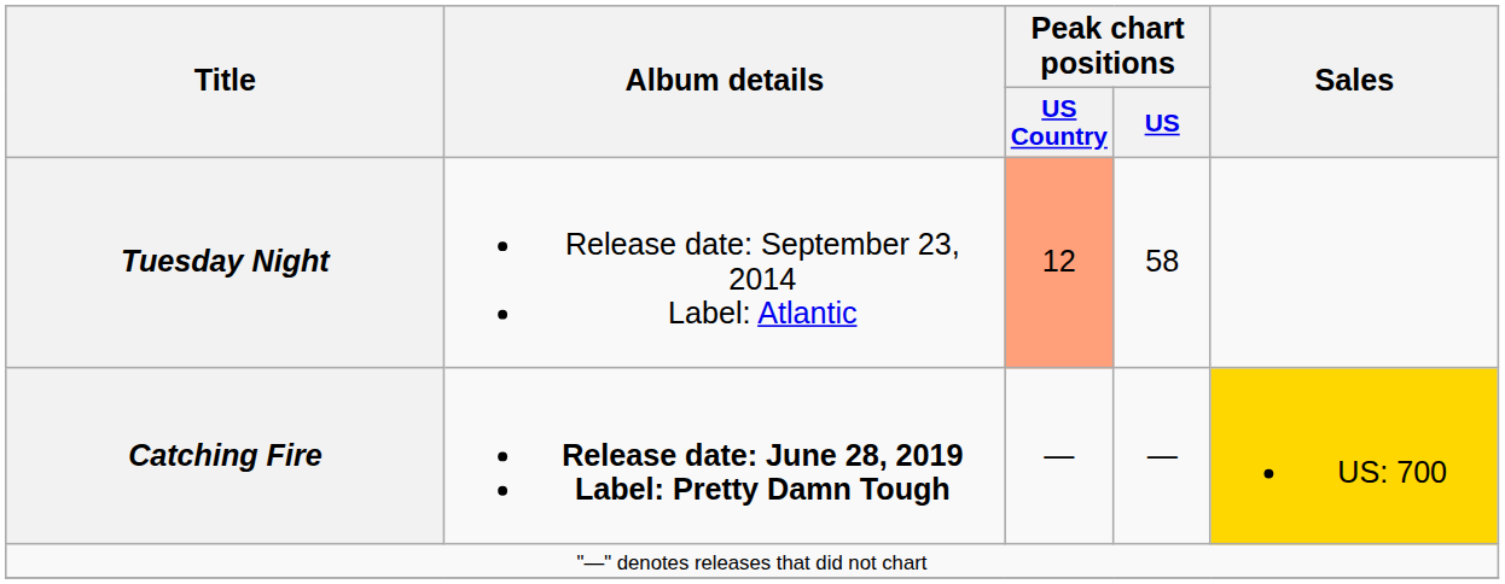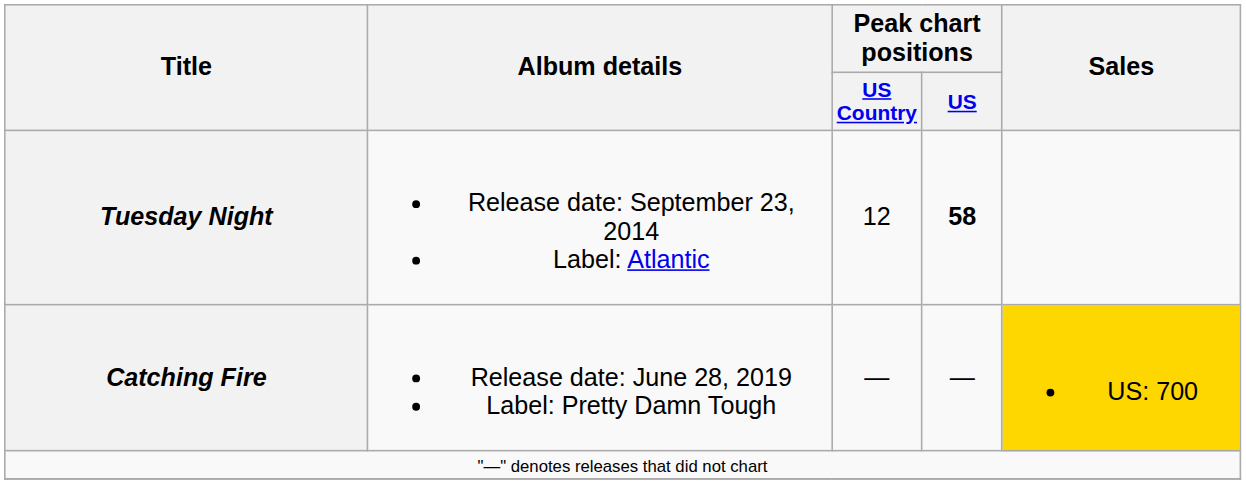 <table class="wikitable plainrowheaders" style="text-align:center;">
 <tr>
 <th rowspan="2" style="width:14em;">Title</th>
 <th rowspan="2" style="width:18em;">Album details</th>
 <th colspan="2">Peak chart<br>positions</th>
 <th rowspan="2" style="width:9em;">Sales</th>
 </tr>
 <tr style="font-size:smaller;">
 <th width=45><a href='#'>US Country</a><br></th>
 <th width=45><a href='#'>US</a><br></th>
 </tr>
 <tr>
 <th scope=row><em>Tuesday Night</em></th>
 <td><br><ul><li>Release date: September 23, 2014</li><li>Label: <a href='#'>Atlantic</a></li></ul></td>
-<td style="background: lightsalmon;">12</td>
-<td>58</td>
+<td>12</td>
+<td><strong>58</strong></td>
 <td></td>
 </tr>
 <tr>
 <th scope=row><em>Catching Fire</em></th>
-<td><strong><br><ul><li>Release date: June 28, 2019</li><li>Label: Pretty Damn Tough</li></ul></strong></td>
+<td><br><ul><li>Release date: June 28, 2019</li><li>Label: Pretty Damn Tough</li></ul></td>
 <td>—</td>
 <td>—</td>
 <td style="background: gold;"><br><ul><li>US: 700</li></ul></td>
 </tr>
 <tr>
 <td colspan="6" style="font-size:8pt">"—" denotes releases that did not chart</td>
 </tr>
 <tr>
 </tr>
 </table>
